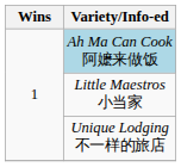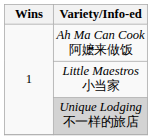 <table class="wikitable plainrowheaders" style="text-align: center">
 <tr>
 <th scope="col" style="width:55px;" style="background-color:#EEDD82;">Wins</th>
 <th scope="col" style="text-align:center;" style="background-color:#EEDD82;">Variety/Info-ed</th>
 </tr>
 <tr>
 <td rowspan=3 scope=row style="text-align:center">1</td>
-<td style="background: lightblue;"><em>Ah Ma Can Cook</em><br>阿嬷来做饭</td>
+<td><em>Ah Ma Can Cook</em><br>阿嬷来做饭</td>
 </tr>
 <tr>
 <td><em>Little Maestros</em><br>小当家</td>
 </tr>
 <tr>
-<td><em>Unique Lodging</em><br>不一样的旅店</td>
+<td style="background: lightgrey;"><em>Unique Lodging</em><br>不一样的旅店</td>
 </tr>
 <tr>
 </tr>
 </table>
